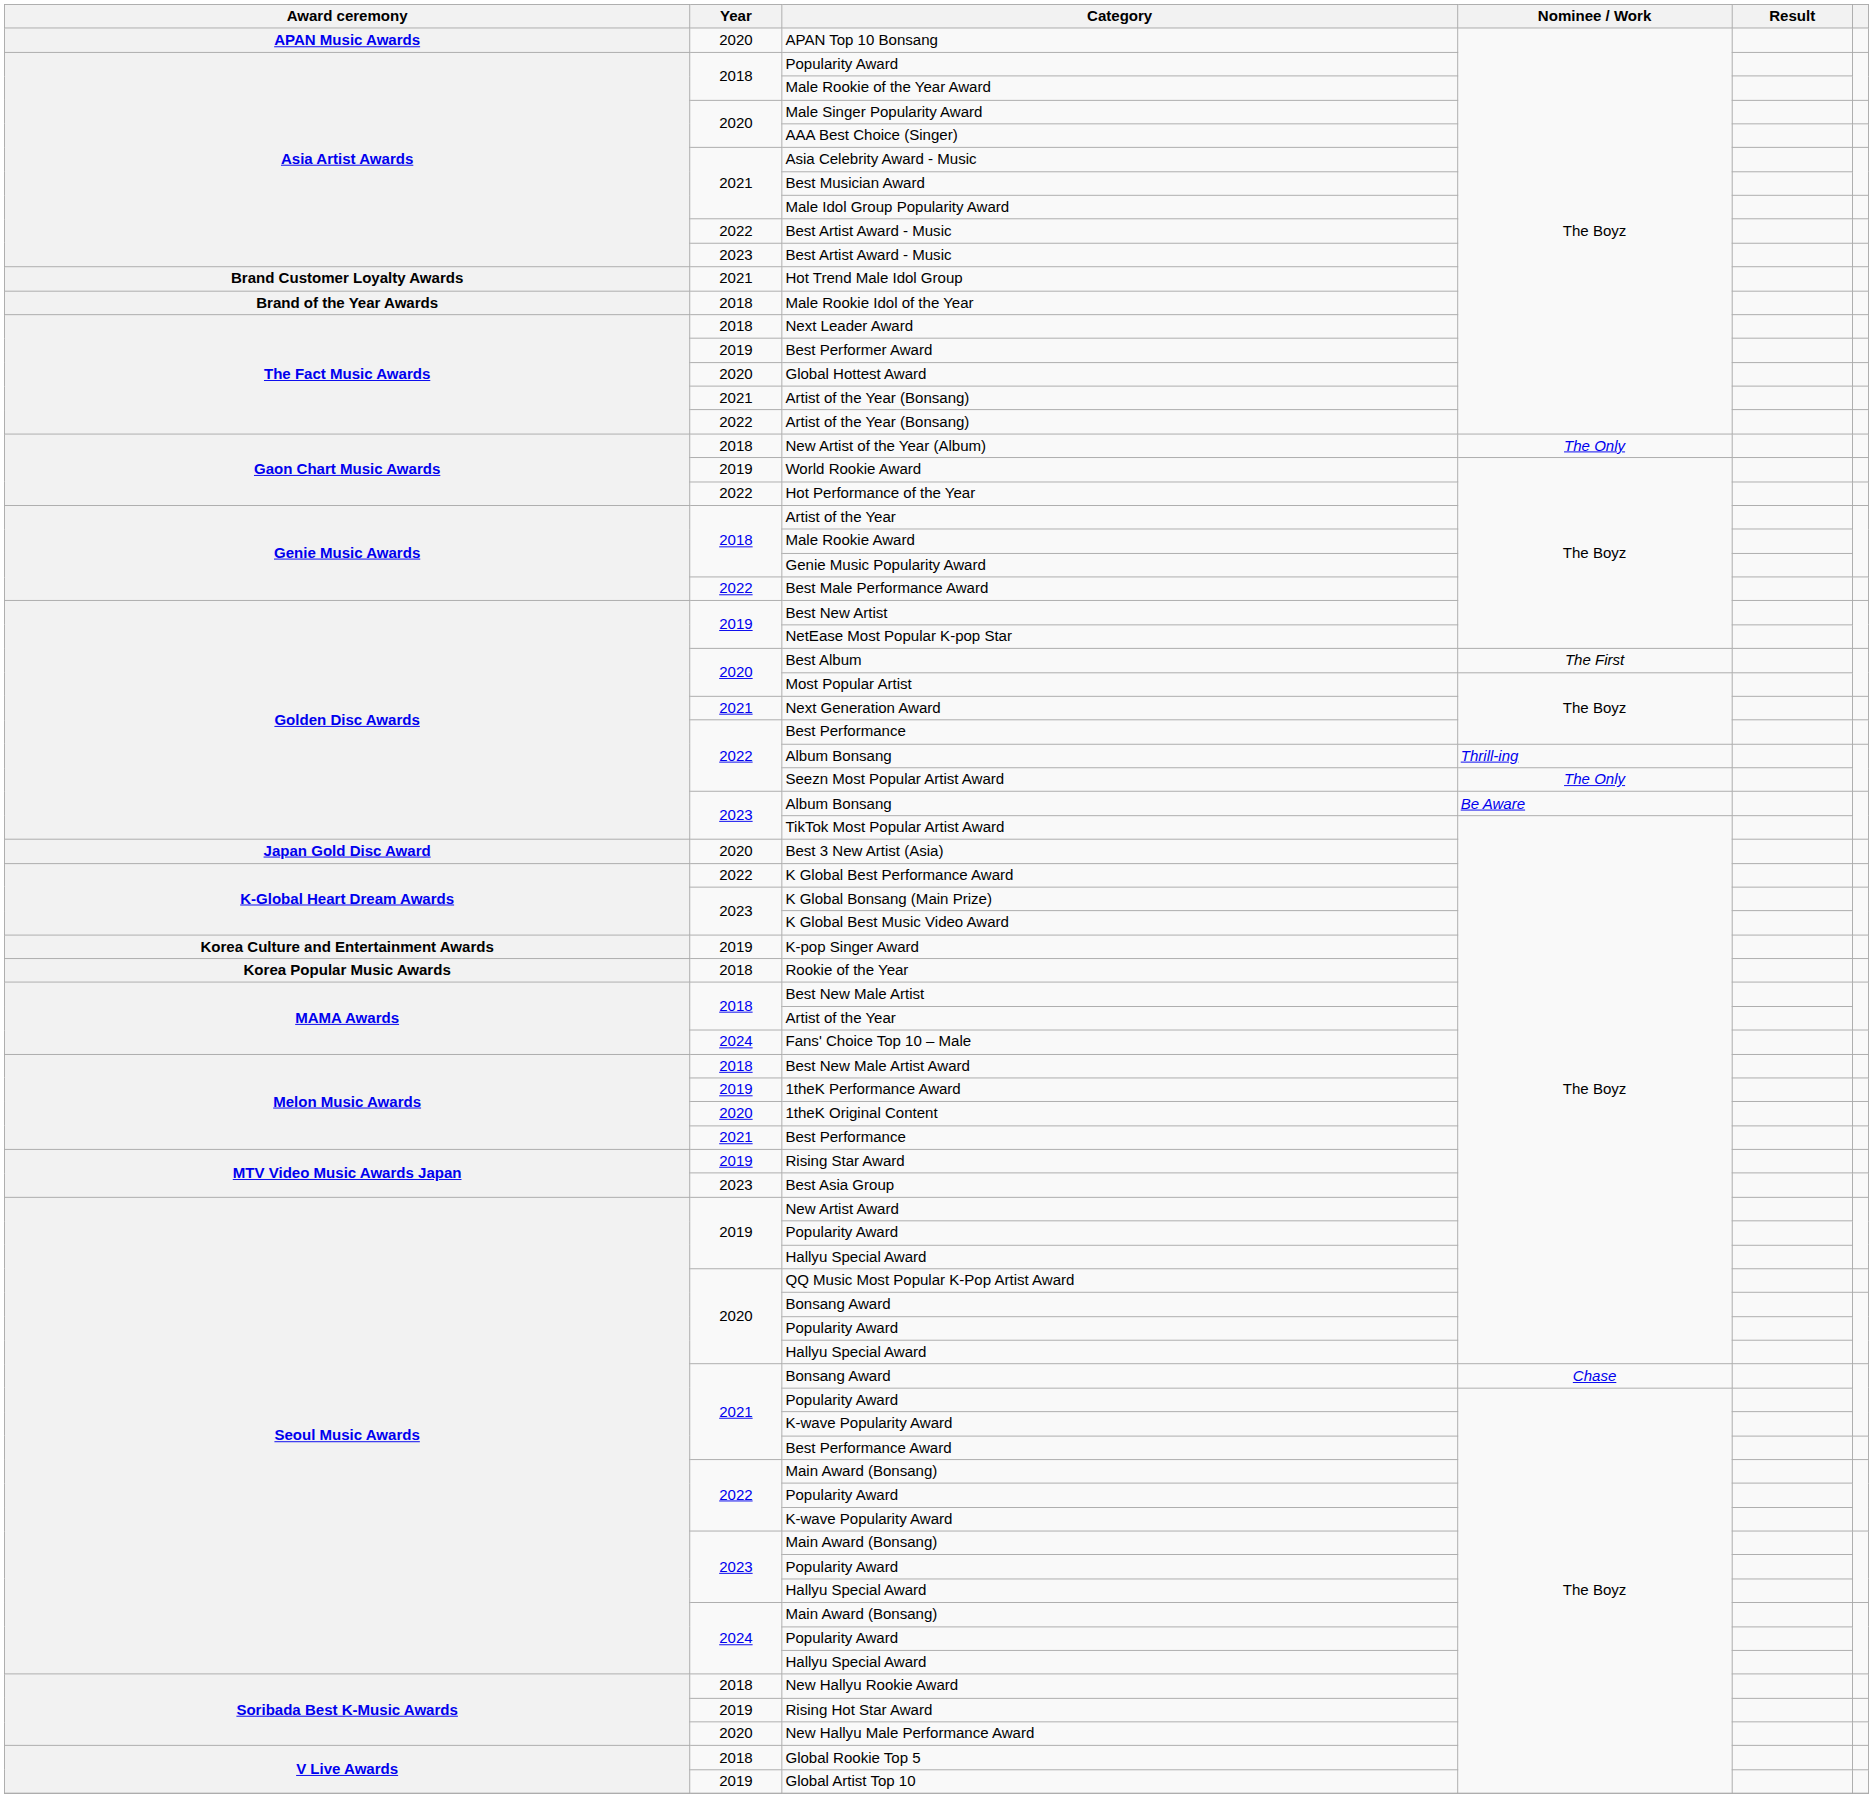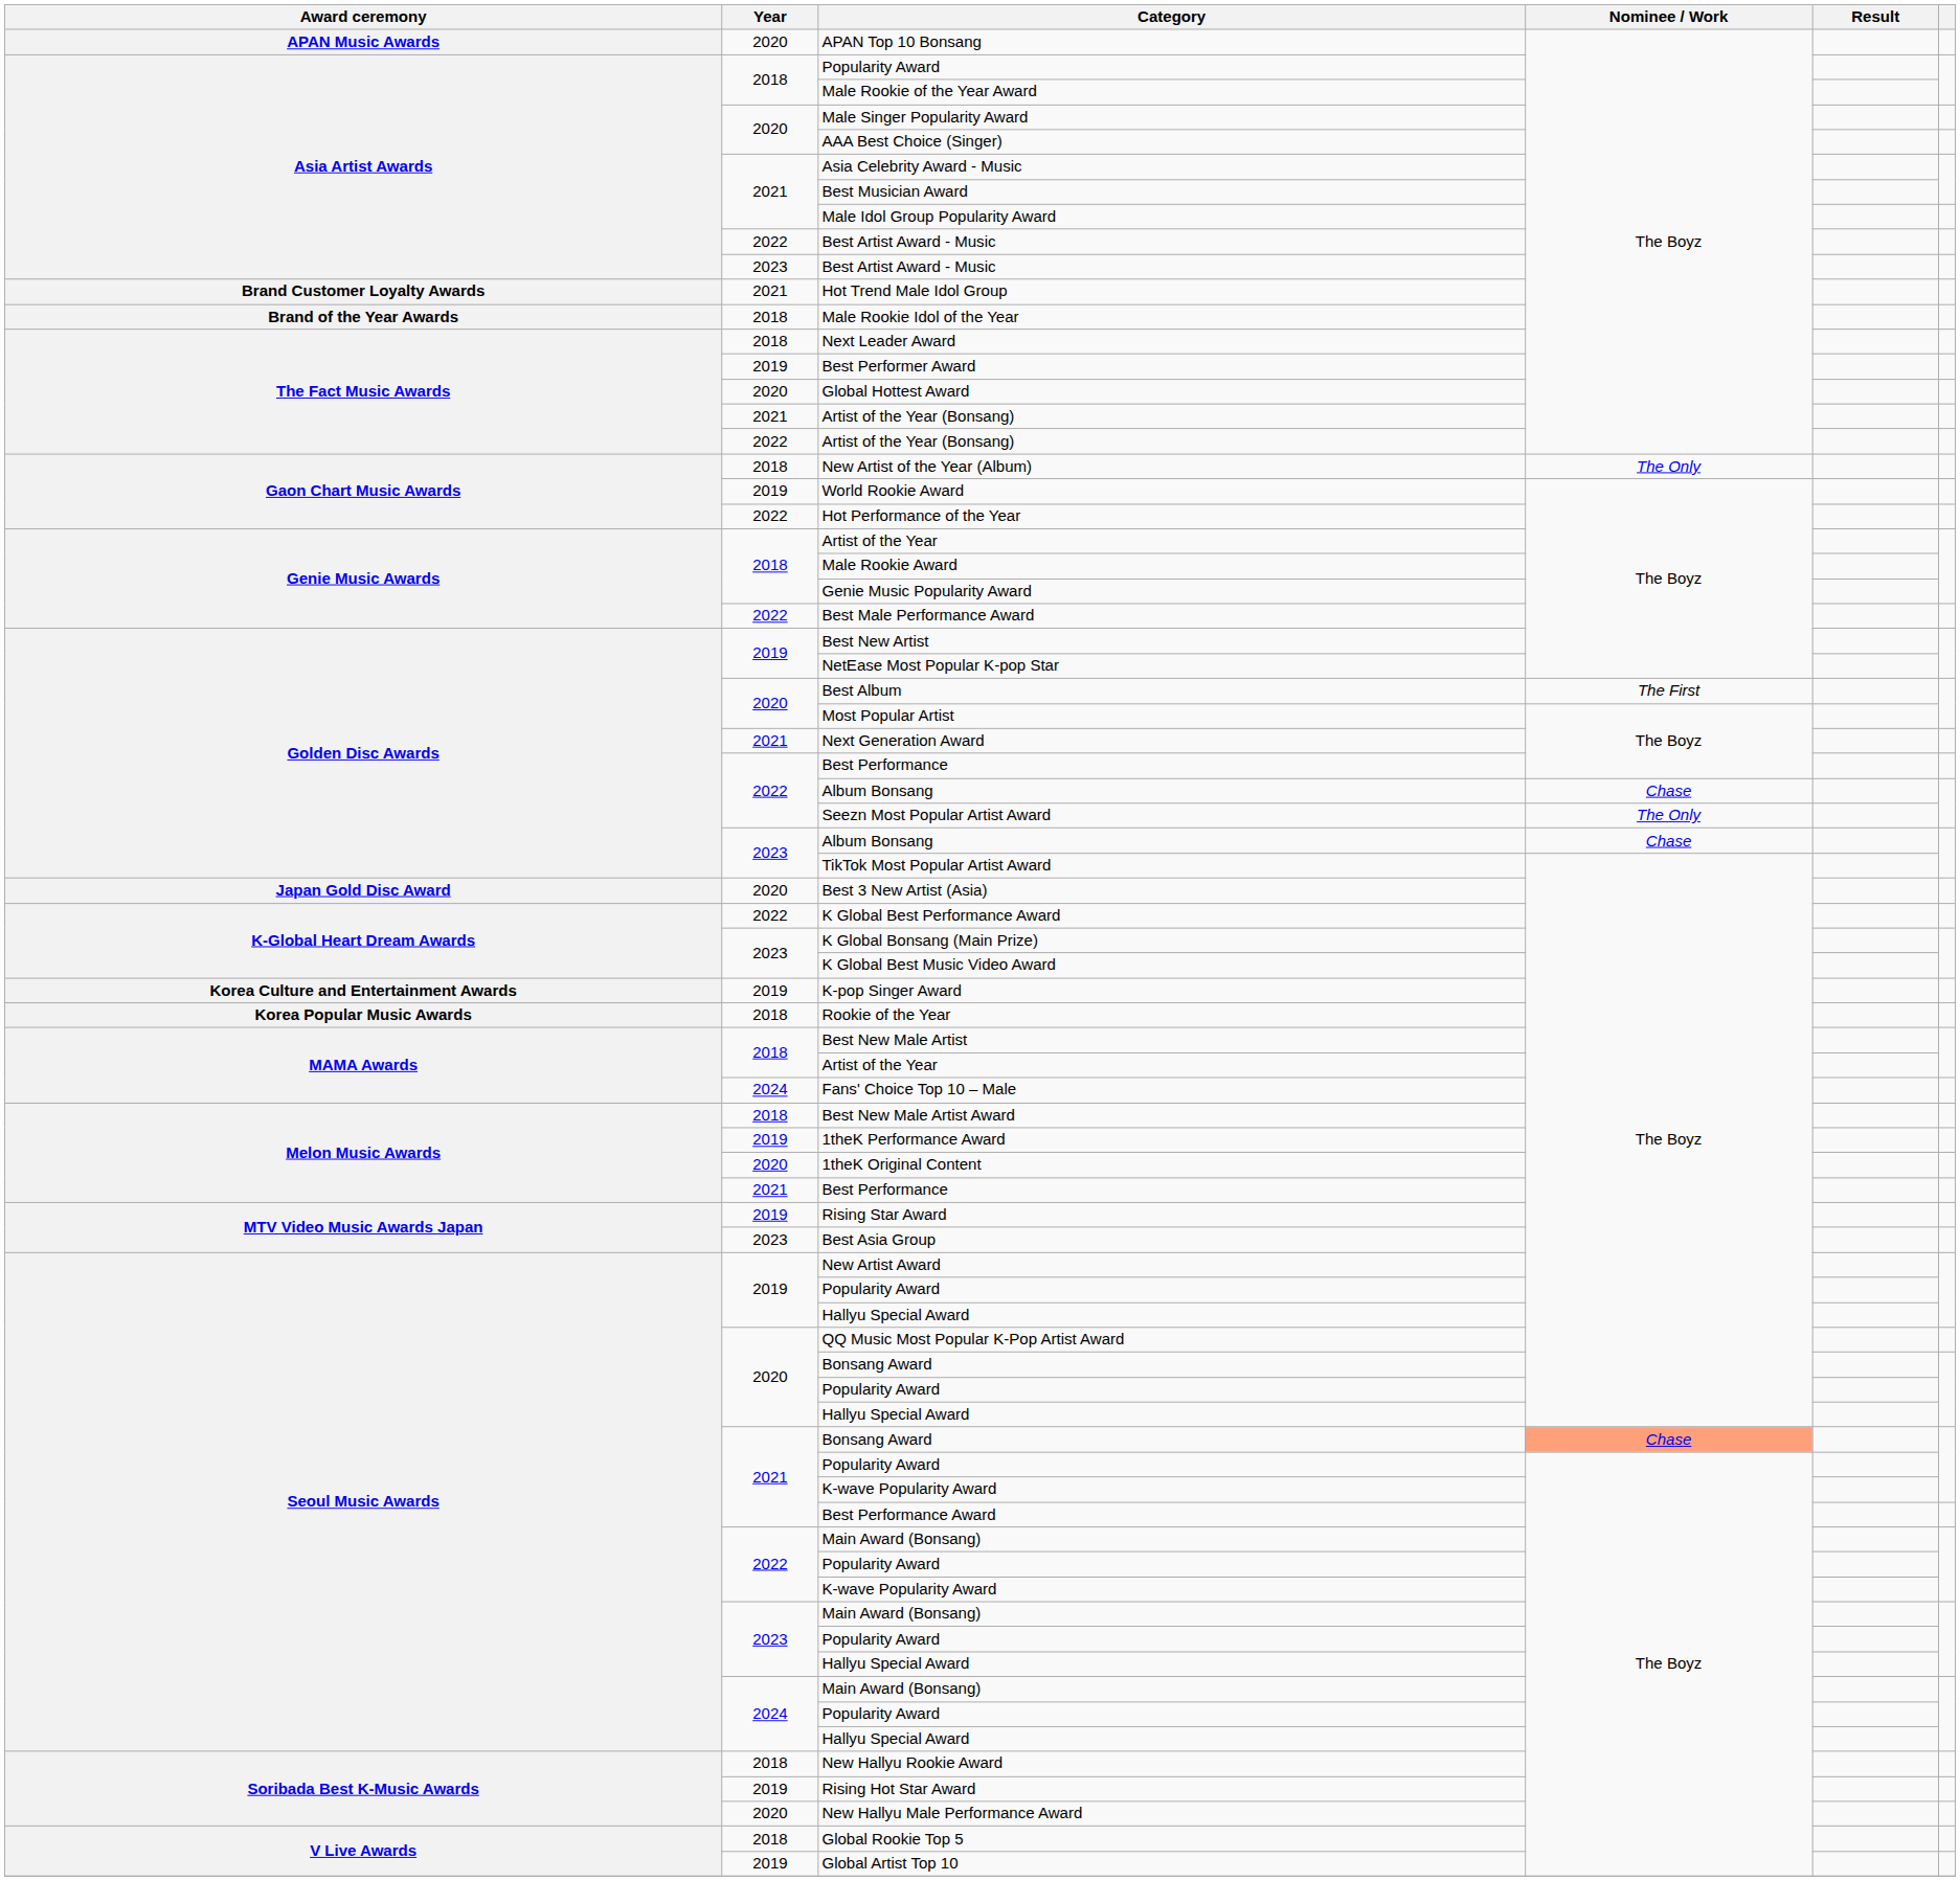 <table class="wikitable plainrowheaders sortable" style="width:100%">
 <tr>
 <th scope="col">Award ceremony</th>
 <th scope="col">Year</th>
 <th scope="col">Category</th>
 <th scope="col">Nominee / Work</th>
 <th scope="col">Result</th>
 <th scope="col" class="unsortable"></th>
 </tr>
 <tr>
 <th scope="row"><a href='#'>APAN Music Awards</a> </th>
 <td style="text-align:center">2020</td>
 <td>APAN Top 10 Bonsang</td>
 <td rowspan="17" style="text-align:center">The Boyz</td>
 <td></td>
 <td style="text-align:center"></td>
 </tr>
 <tr>
 <th scope="row" rowspan="9"><a href='#'>Asia Artist Awards</a></th>
 <td rowspan="2" style="text-align:center">2018</td>
 <td>Popularity Award</td>
 <td></td>
 <td rowspan="2" style="text-align:center"></td>
 </tr>
 <tr>
 <td>Male Rookie of the Year Award</td>
 <td></td>
 </tr>
 <tr>
 <td rowspan="2" style="text-align:center">2020</td>
 <td>Male Singer Popularity Award</td>
 <td></td>
 <td style="text-align:center"></td>
 </tr>
 <tr>
 <td>AAA Best Choice (Singer)</td>
 <td></td>
 <td style="text-align:center"></td>
 </tr>
 <tr>
 <td rowspan="3" style="text-align:center">2021</td>
 <td>Asia Celebrity Award - Music</td>
 <td></td>
 <td rowspan="2"></td>
 </tr>
 <tr>
 <td>Best Musician Award</td>
 <td></td>
 </tr>
 <tr>
 <td>Male Idol Group Popularity Award</td>
 <td></td>
 <td style="text-align:center"></td>
 </tr>
 <tr>
 <td rowspan="1" style="text-align:center">2022</td>
 <td>Best Artist Award - Music</td>
 <td></td>
 <td rowspan="1"></td>
 </tr>
 <tr>
 <td rowspan="1" style="text-align:center">2023</td>
 <td>Best Artist Award - Music</td>
 <td></td>
 <td style="text-align:center"></td>
 </tr>
 <tr>
 <th scope="row">Brand Customer Loyalty Awards </th>
 <td style="text-align:center">2021</td>
 <td>Hot Trend Male Idol Group</td>
 <td></td>
 <td align=center></td>
 </tr>
 <tr>
 <th scope="row">Brand of the Year Awards</th>
 <td style="text-align:center">2018</td>
 <td>Male Rookie Idol of the Year</td>
 <td></td>
 <td style="text-align:center"></td>
 </tr>
 <tr>
 <th scope="row" rowspan="5"><a href='#'>The Fact Music Awards</a> </th>
 <td style="text-align:center">2018</td>
 <td>Next Leader Award</td>
 <td></td>
 <td style="text-align:center"></td>
 </tr>
 <tr>
 <td style="text-align:center">2019</td>
 <td>Best Performer Award</td>
 <td></td>
 <td style="text-align:center"></td>
 </tr>
 <tr>
 <td style="text-align:center">2020</td>
 <td>Global Hottest Award</td>
 <td></td>
 <td style="text-align:center"></td>
 </tr>
 <tr>
 <td style="text-align:center">2021</td>
 <td>Artist of the Year (Bonsang)</td>
 <td></td>
 <td style="text-align:center"></td>
 </tr>
 <tr>
 <td style="text-align:center">2022</td>
 <td>Artist of the Year (Bonsang)</td>
 <td></td>
 <td></td>
 </tr>
 <tr>
 <th scope="row" rowspan="3"><a href='#'>Gaon Chart Music Awards</a> </th>
 <td style="text-align:center">2018</td>
 <td>New Artist of the Year (Album)</td>
 <td style="text-align:center"><em><a href='#'>The Only</a></em></td>
 <td></td>
 <td style="text-align:center"></td>
 </tr>
 <tr>
 <td style="text-align:center">2019</td>
 <td>World Rookie Award</td>
 <td rowspan="8" style="text-align:center">The Boyz</td>
 <td></td>
 <td style="text-align:center"></td>
 </tr>
 <tr>
 <td style="text-align:center">2022</td>
 <td>Hot Performance of the Year</td>
 <td></td>
 <td></td>
 </tr>
 <tr>
 <th scope="row" rowspan="4"><a href='#'>Genie Music Awards</a></th>
 <td rowspan="3" style="text-align:center"><a href='#'>2018</a></td>
 <td>Artist of the Year</td>
 <td></td>
 <td rowspan="3" style="text-align:center"></td>
 </tr>
 <tr>
 <td>Male Rookie Award</td>
 <td></td>
 </tr>
 <tr>
 <td>Genie Music Popularity Award</td>
 <td></td>
 </tr>
 <tr>
 <td style="text-align:center"><a href='#'>2022</a></td>
 <td>Best Male Performance Award</td>
 <td></td>
 <td style="text-align:center"></td>
 </tr>
 <tr>
 <th scope="row" rowspan="10"><a href='#'>Golden Disc Awards</a></th>
 <td rowspan="2" style="text-align:center"><a href='#'>2019</a></td>
 <td>Best New Artist</td>
 <td></td>
 <td rowspan="2" style="text-align:center"></td>
 </tr>
 <tr>
 <td>NetEase Most Popular K-pop Star</td>
 <td></td>
 </tr>
 <tr>
 <td rowspan="2" style="text-align:center"><a href='#'>2020</a></td>
 <td>Best Album</td>
 <td style="text-align:center"><em>The First</em></td>
 <td></td>
 <td rowspan="2" style="text-align:center"></td>
 </tr>
 <tr>
 <td>Most Popular Artist</td>
 <td rowspan="3" style="text-align:center">The Boyz</td>
 <td></td>
 </tr>
 <tr>
 <td style="text-align:center"><a href='#'>2021</a></td>
 <td>Next Generation Award</td>
 <td></td>
 <td style="text-align:center"></td>
 </tr>
 <tr>
 <td style="text-align:center" rowspan="3"><a href='#'>2022</a></td>
 <td>Best Performance</td>
 <td></td>
 <td></td>
 </tr>
 <tr>
 <td>Album Bonsang</td>
-<td><em><a href='#'>Thrill-ing</a></em></td>
+<td style="text-align:center"><a href='#'><em>Chase</em></a></td>
 <td></td>
 <td style="text-align:center" rowspan="2"></td>
 </tr>
 <tr>
 <td>Seezn Most Popular Artist Award</td>
 <td style="text-align:center"><em><a href='#'>The Only</a></em></td>
 <td></td>
 </tr>
 <tr>
 <td style="text-align:center" rowspan="2"><a href='#'>2023</a></td>
 <td>Album Bonsang</td>
-<td><em><a href='#'>Be Aware</a></em></td>
+<td style="text-align:center"><a href='#'><em>Chase</em></a></td>
 <td></td>
 <td style="text-align:center" rowspan="2"></td>
 </tr>
 <tr>
 <td>TikTok Most Popular Artist Award</td>
 <td rowspan="23" style="text-align:center">The Boyz</td>
 <td></td>
 </tr>
 <tr>
 <th scope="row"><a href='#'>Japan Gold Disc Award</a> </th>
 <td style="text-align:center">2020</td>
 <td>Best 3 New Artist (Asia)</td>
 <td></td>
 <td style="text-align:center"></td>
 </tr>
 <tr>
 <th scope="row" rowspan=3><a href='#'>K-Global Heart Dream Awards</a> </th>
 <td style="text-align:center">2022</td>
 <td>K Global Best Performance Award</td>
 <td></td>
 <td style="text-align:center"></td>
 </tr>
 <tr>
 <td style="text-align:center" rowspan=2>2023</td>
 <td>K Global Bonsang (Main Prize)</td>
 <td></td>
 <td style="text-align:center" rowspan=2></td>
 </tr>
 <tr>
 <td>K Global Best Music Video Award</td>
 <td></td>
 </tr>
 <tr>
 <th scope="row">Korea Culture and Entertainment Awards</th>
 <td style="text-align:center">2019</td>
 <td>K-pop Singer Award</td>
 <td></td>
 <td style="text-align:center"></td>
 </tr>
 <tr>
 <th scope="row">Korea Popular Music Awards</th>
 <td style="text-align:center">2018</td>
 <td>Rookie of the Year</td>
 <td></td>
 <td style="text-align:center"></td>
 </tr>
 <tr>
 <th scope="row" rowspan="3"><a href='#'>MAMA Awards</a></th>
 <td rowspan="2" style="text-align:center"><a href='#'>2018</a></td>
 <td>Best New Male Artist</td>
 <td></td>
 <td rowspan="2" style="text-align:center"></td>
 </tr>
 <tr>
 <td>Artist of the Year</td>
 <td></td>
 </tr>
 <tr>
 <td style="text-align:center"><a href='#'>2024</a></td>
 <td>Fans' Choice Top 10 – Male</td>
 <td></td>
 <td style="text-align:center"></td>
 </tr>
 <tr>
 <th scope="row" rowspan="4"><a href='#'>Melon Music Awards</a> </th>
 <td style="text-align:center"><a href='#'>2018</a></td>
 <td>Best New Male Artist Award</td>
 <td></td>
 <td style="text-align:center"></td>
 </tr>
 <tr>
 <td style="text-align:center"><a href='#'>2019</a></td>
 <td>1theK Performance Award</td>
 <td></td>
 <td style="text-align:center"></td>
 </tr>
 <tr>
 <td style="text-align:center"><a href='#'>2020</a></td>
 <td>1theK Original Content</td>
 <td></td>
 <td style="text-align:center"></td>
 </tr>
 <tr>
 <td style="text-align:center"><a href='#'>2021</a></td>
 <td>Best Performance</td>
 <td></td>
 <td></td>
 </tr>
 <tr>
 <th scope="row" rowspan="2"><a href='#'>MTV Video Music Awards Japan</a></th>
 <td style="text-align:center"><a href='#'>2019</a></td>
 <td>Rising Star Award</td>
 <td></td>
 <td style="text-align:center"></td>
 </tr>
 <tr>
 <td style="text-align:center">2023</td>
 <td>Best Asia Group</td>
 <td></td>
 <td style="text-align:center"></td>
 </tr>
 <tr>
 <th scope="row" rowspan="20"><a href='#'>Seoul Music Awards</a> </th>
 <td rowspan="3" style="text-align:center">2019</td>
 <td>New Artist Award</td>
 <td></td>
 <td rowspan="3" style="text-align:center"></td>
 </tr>
 <tr>
 <td>Popularity Award</td>
 <td></td>
 </tr>
 <tr>
 <td>Hallyu Special Award</td>
 <td></td>
 </tr>
 <tr>
 <td rowspan="4" style="text-align:center">2020</td>
 <td>QQ Music Most Popular K-Pop Artist Award</td>
 <td></td>
 <td style="text-align:center"></td>
 </tr>
 <tr>
 <td>Bonsang Award</td>
 <td></td>
 <td rowspan="3" style="text-align:center"></td>
 </tr>
 <tr>
 <td>Popularity Award</td>
 <td></td>
 </tr>
 <tr>
 <td>Hallyu Special Award</td>
 <td></td>
 </tr>
 <tr>
 <td rowspan="4" style="text-align:center"><a href='#'>2021</a></td>
 <td>Bonsang Award</td>
-<td style="text-align:center"><a href='#'><em>Chase</em></a></td>
+<td style="background: lightsalmon; text-align:center"><a href='#'><em>Chase</em></a></td>
 <td></td>
 <td style="text-align:center" rowspan="3"></td>
 </tr>
 <tr>
 <td>Popularity Award</td>
 <td rowspan="17" style="text-align:center">The Boyz</td>
 <td></td>
 </tr>
 <tr>
 <td>K-wave Popularity Award</td>
 <td></td>
 </tr>
 <tr>
 <td>Best Performance Award</td>
 <td></td>
 <td style="text-align:center"></td>
 </tr>
 <tr>
 <td rowspan="3" style="text-align:center"><a href='#'>2022</a></td>
 <td>Main Award (Bonsang)</td>
 <td></td>
 <td style="text-align:center" rowspan="3"></td>
 </tr>
 <tr>
 <td>Popularity Award</td>
 <td></td>
 </tr>
 <tr>
 <td>K-wave Popularity Award</td>
 <td></td>
 </tr>
 <tr>
 <td rowspan="3" style="text-align:center"><a href='#'>2023</a></td>
 <td>Main Award (Bonsang)</td>
 <td></td>
 <td style="text-align:center" rowspan="3"></td>
 </tr>
 <tr>
 <td>Popularity Award</td>
 <td></td>
 </tr>
 <tr>
 <td>Hallyu Special Award</td>
 <td></td>
 </tr>
 <tr>
 <td rowspan="3" style="text-align:center"><a href='#'>2024</a></td>
 <td>Main Award (Bonsang)</td>
 <td></td>
 <td style="text-align:center" rowspan="3"></td>
 </tr>
 <tr>
 <td>Popularity Award</td>
 <td></td>
 </tr>
 <tr>
 <td>Hallyu Special Award</td>
 <td></td>
 </tr>
 <tr>
 <th scope="row" rowspan="3"><a href='#'>Soribada Best K-Music Awards</a></th>
 <td style="text-align:center">2018</td>
 <td>New Hallyu Rookie Award</td>
 <td></td>
 <td style="text-align:center"></td>
 </tr>
 <tr>
 <td style="text-align:center">2019</td>
 <td>Rising Hot Star Award</td>
 <td></td>
 <td style="text-align:center"></td>
 </tr>
 <tr>
 <td style="text-align:center">2020</td>
 <td>New Hallyu Male Performance Award</td>
 <td></td>
 <td style="text-align:center"></td>
 </tr>
 <tr>
 <th scope="row" rowspan="2"><a href='#'>V Live Awards</a> </th>
 <td style="text-align:center">2018</td>
 <td>Global Rookie Top 5</td>
 <td></td>
 <td style="text-align:center"></td>
 </tr>
 <tr>
 <td style="text-align:center">2019</td>
 <td>Global Artist Top 10</td>
 <td></td>
 <td style="text-align:center"></td>
 </tr>
 <tr>
 </tr>
 </table>
